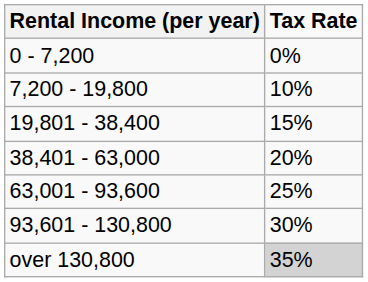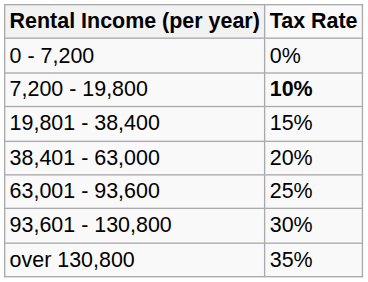 <table class="wikitable sortable mw-collapsible">
 <tr>
 <th><strong>Rental Income (per year)</strong></th>
 <td><strong>Tax Rate</strong></td>
 </tr>
 <tr>
 <td>0 - 7,200</td>
 <td>0%</td>
 </tr>
 <tr>
 <td>7,200 - 19,800</td>
-<td>10%</td>
+<td><strong>10%</strong></td>
 </tr>
 <tr>
 <td>19,801 - 38,400</td>
 <td>15%</td>
 </tr>
 <tr>
 <td>38,401 - 63,000</td>
 <td>20%</td>
 </tr>
 <tr>
 <td>63,001 - 93,600</td>
 <td>25%</td>
 </tr>
 <tr>
 <td>93,601 - 130,800</td>
 <td>30%</td>
 </tr>
 <tr>
 <td>over 130,800</td>
-<td style="background: lightgrey;">35%</td>
+<td>35%</td>
 </tr>
 </table>
